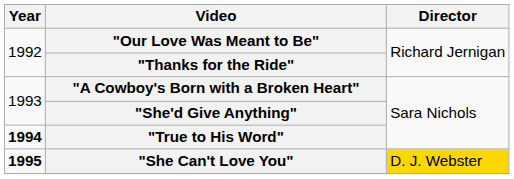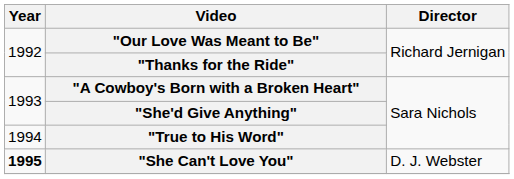 <table class="wikitable plainrowheaders">
 <tr>
 <th>Year</th>
 <th style="width:22em;">Video</th>
 <th>Director</th>
 </tr>
 <tr>
 <td rowspan="2">1992</td>
 <th scope="row">"Our Love Was Meant to Be"</th>
 <td rowspan="2">Richard Jernigan</td>
 </tr>
 <tr>
 <th scope="row">"Thanks for the Ride"</th>
 </tr>
 <tr>
 <td rowspan="2">1993</td>
 <th scope="row">"A Cowboy's Born with a Broken Heart"</th>
 <td rowspan="3">Sara Nichols</td>
 </tr>
 <tr>
 <th scope="row">"She'd Give Anything"</th>
 </tr>
 <tr>
-<td><strong>1994</strong></td>
+<td>1994</td>
 <th scope="row">"True to His Word"</th>
 </tr>
 <tr>
 <td><strong>1995</strong></td>
 <th scope="row">"She Can't Love You"</th>
-<td style="background: gold;">D. J. Webster</td>
+<td>D. J. Webster</td>
 </tr>
 <tr>
 </tr>
 </table>
